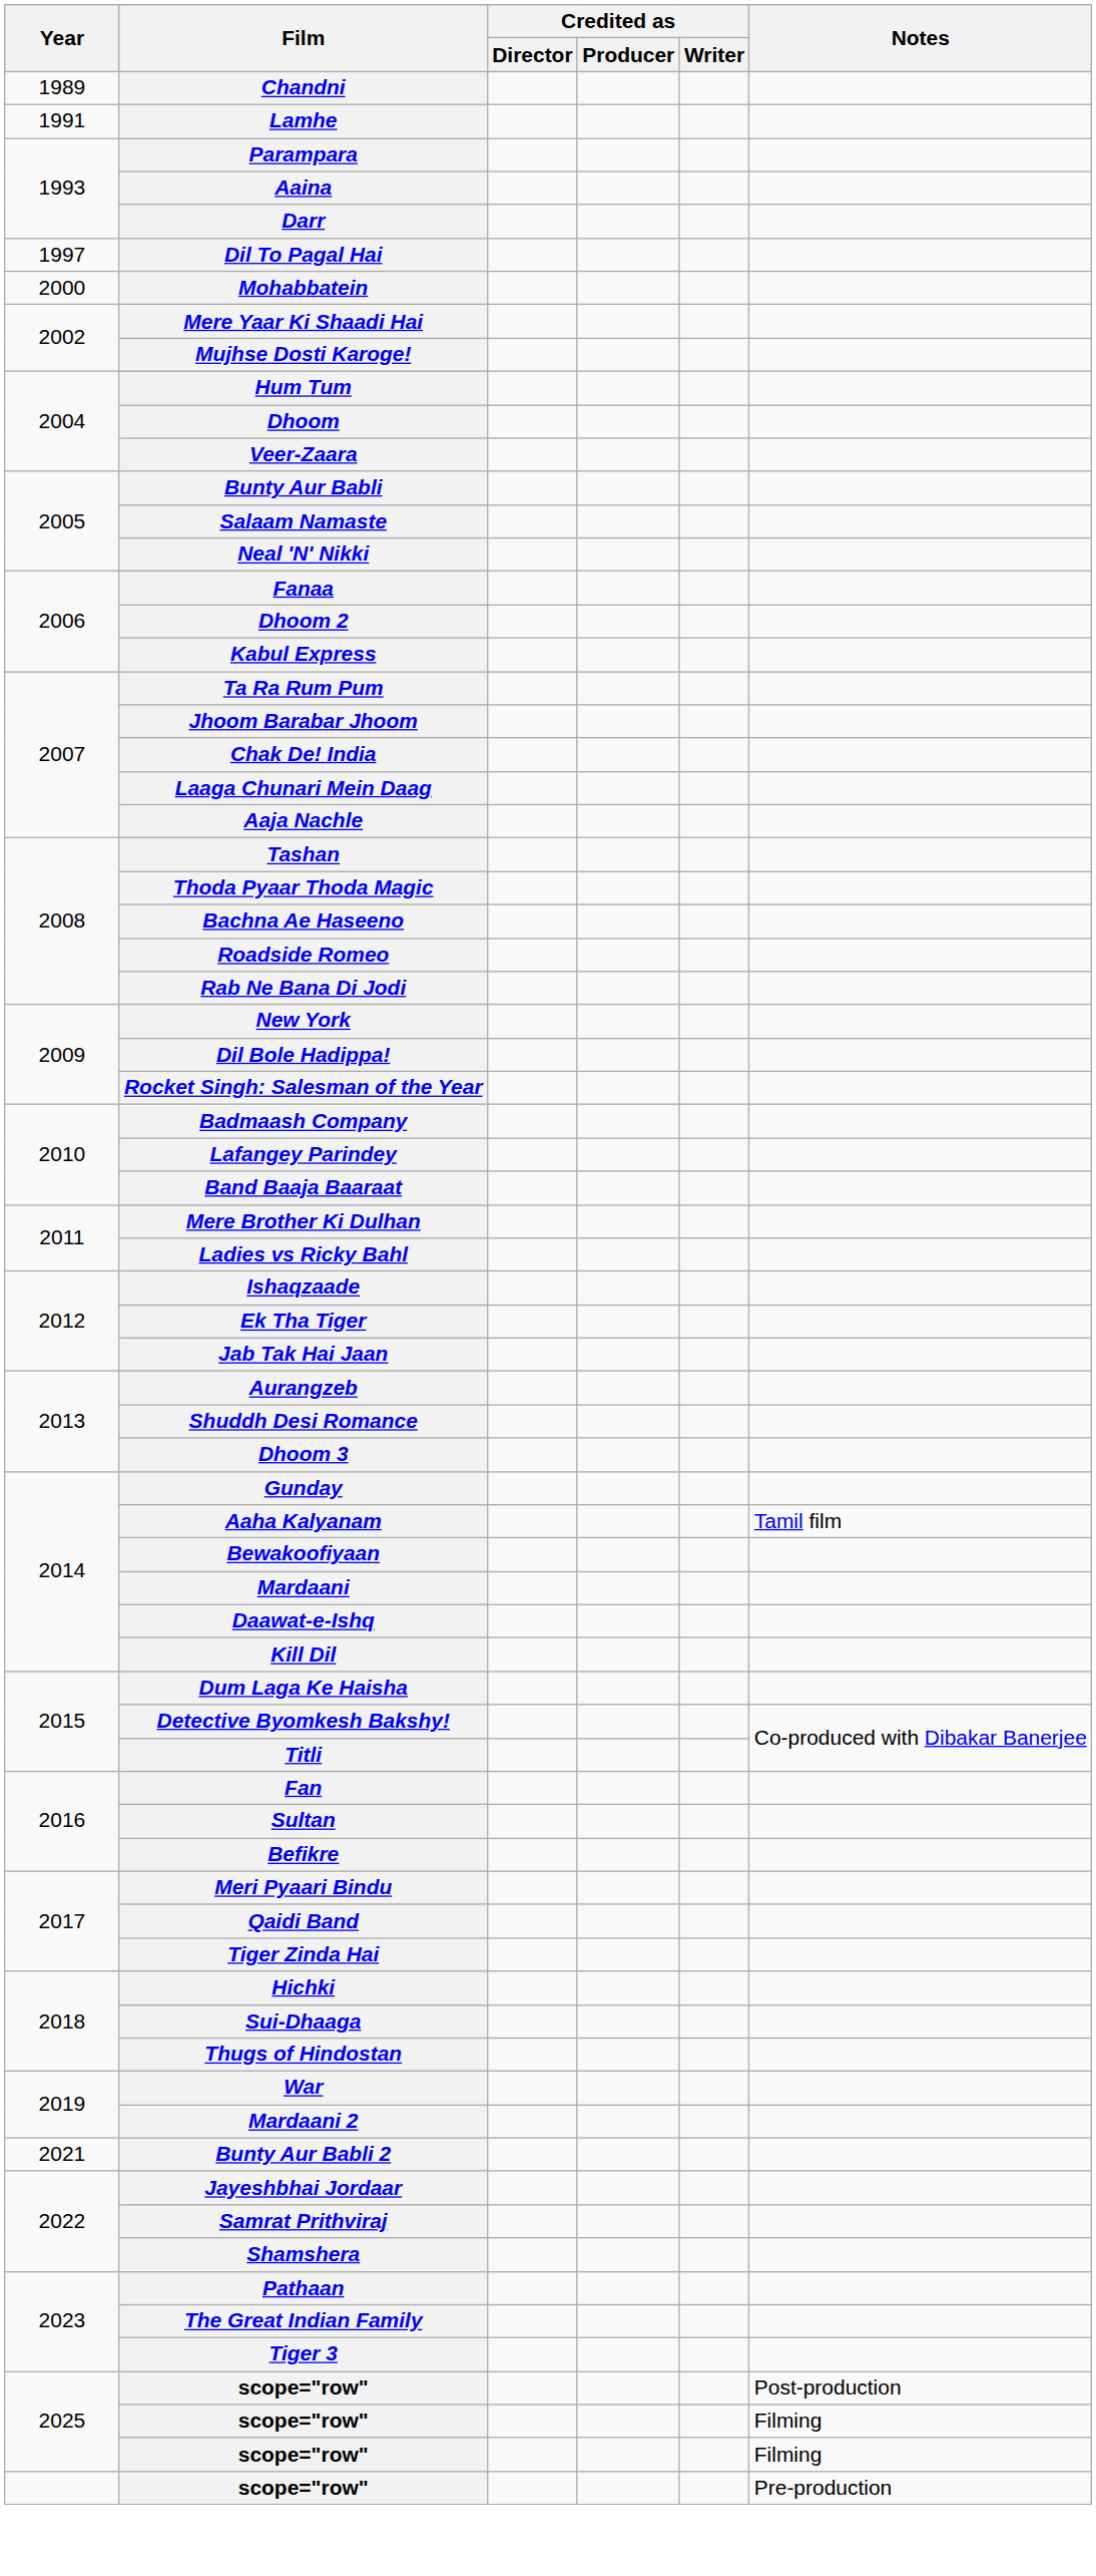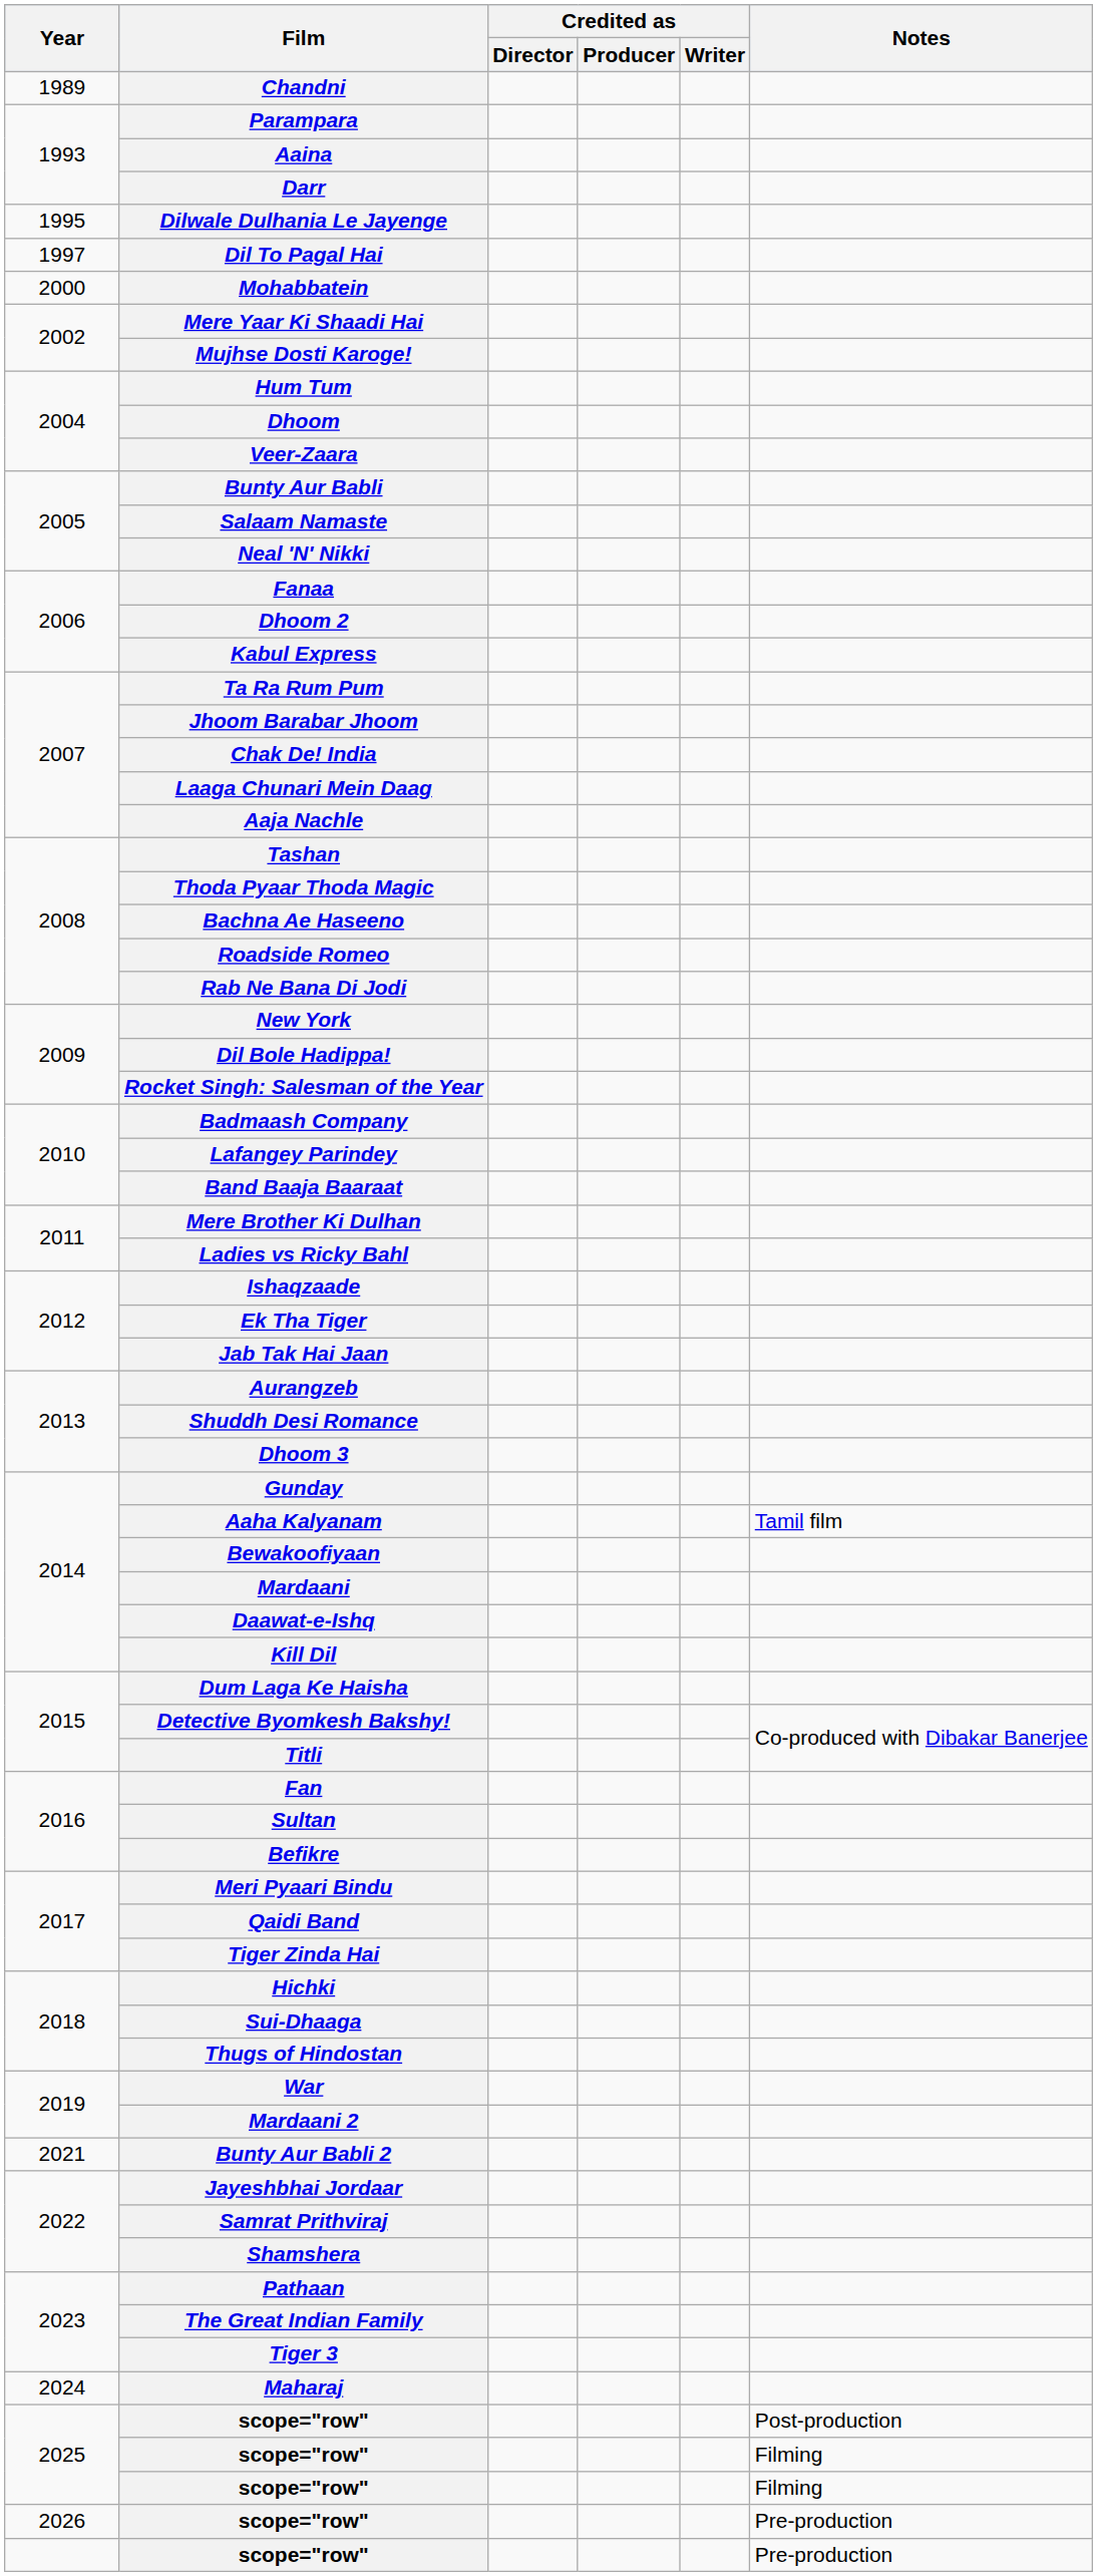 <table class="wikitable plainrowheaders sortable">
 <tr style="background:#b0c4de; text-align:center;">
 <th rowspan="2" style="width:80px;">Year</th>
 <th rowspan="2">Film</th>
 <th colspan="3">Credited as</th>
 <th rowspan="2">Notes</th>
 </tr>
 <tr style="background:#b0c4de; text-align:center;">
 <th>Director</th>
 <th>Producer</th>
 <th>Writer</th>
 </tr>
 <tr>
 <td style="text-align:center;">1989</td>
 <th scope="row"><em><a href='#'>Chandni</a></em></th>
-<td></td>
-<td></td>
-<td></td>
-<td></td>
-</tr>
-<tr>
-<td style="text-align:center;">1991</td>
-<th scope="row"><em><a href='#'>Lamhe</a></em></th>
 <td></td>
 <td></td>
 <td></td>
 <td></td>
 </tr>
 <tr>
 <td rowspan="3" style="text-align:center;">1993</td>
 <th scope="row"><em><a href='#'>Parampara</a></em></th>
 <td></td>
 <td></td>
 <td></td>
 <td></td>
 </tr>
 <tr>
 <th scope="row"><em><a href='#'>Aaina</a></em></th>
 <td></td>
 <td></td>
 <td></td>
 <td></td>
 </tr>
 <tr>
 <th scope="row"><em><a href='#'>Darr</a></em></th>
+<td></td>
+<td></td>
+<td></td>
+<td></td>
+</tr>
+<tr>
+<td style="text-align:center;">1995</td>
+<th scope="row"><em><a href='#'>Dilwale Dulhania Le Jayenge</a></em></th>
 <td></td>
 <td></td>
 <td></td>
 <td></td>
 </tr>
 <tr>
 <td style="text-align:center;">1997</td>
 <th scope="row"><em><a href='#'>Dil To Pagal Hai</a></em></th>
 <td></td>
 <td></td>
 <td></td>
 <td></td>
 </tr>
 <tr>
 <td style="text-align:center;">2000</td>
 <th scope="row"><em><a href='#'>Mohabbatein</a></em></th>
 <td></td>
 <td></td>
 <td></td>
 <td></td>
 </tr>
 <tr>
 <td rowspan="2" style="text-align:center;">2002</td>
 <th scope="row"><em><a href='#'>Mere Yaar Ki Shaadi Hai</a></em></th>
 <td></td>
 <td></td>
 <td></td>
 <td></td>
 </tr>
 <tr>
 <th scope="row"><em><a href='#'>Mujhse Dosti Karoge!</a></em></th>
 <td></td>
 <td></td>
 <td></td>
 <td></td>
 </tr>
 <tr>
 <td rowspan="3" style="text-align:center;">2004</td>
 <th scope="row"><em><a href='#'>Hum Tum</a></em></th>
 <td></td>
 <td></td>
 <td></td>
 <td></td>
 </tr>
 <tr>
 <th scope="row"><em><a href='#'>Dhoom</a></em></th>
 <td></td>
 <td></td>
 <td></td>
 <td></td>
 </tr>
 <tr>
 <th scope="row"><em><a href='#'>Veer-Zaara</a></em></th>
 <td></td>
 <td></td>
 <td></td>
 <td></td>
 </tr>
 <tr>
 <td rowspan="3" style="text-align:center;">2005</td>
 <th scope="row"><em><a href='#'>Bunty Aur Babli</a></em></th>
 <td></td>
 <td></td>
 <td></td>
 <td></td>
 </tr>
 <tr>
 <th scope="row"><em><a href='#'>Salaam Namaste</a></em></th>
 <td></td>
 <td></td>
 <td></td>
 <td></td>
 </tr>
 <tr>
 <th scope="row"><em><a href='#'>Neal 'N' Nikki</a></em></th>
 <td></td>
 <td></td>
 <td></td>
 <td></td>
 </tr>
 <tr>
 <td rowspan="3" style="text-align:center;">2006</td>
 <th scope="row"><em><a href='#'>Fanaa</a></em></th>
 <td></td>
 <td></td>
 <td></td>
 <td></td>
 </tr>
 <tr>
 <th scope="row"><em><a href='#'>Dhoom 2</a></em></th>
 <td></td>
 <td></td>
 <td></td>
 <td></td>
 </tr>
 <tr>
 <th scope="row"><em><a href='#'>Kabul Express</a></em></th>
 <td></td>
 <td></td>
 <td></td>
 <td></td>
 </tr>
 <tr>
 <td rowspan="5" style="text-align:center;">2007</td>
 <th scope="row"><em><a href='#'>Ta Ra Rum Pum</a></em></th>
 <td></td>
 <td></td>
 <td></td>
 <td></td>
 </tr>
 <tr>
 <th scope="row"><em><a href='#'>Jhoom Barabar Jhoom</a></em></th>
 <td></td>
 <td></td>
 <td></td>
 <td></td>
 </tr>
 <tr>
 <th scope="row"><em><a href='#'>Chak De! India</a></em></th>
 <td></td>
 <td></td>
 <td></td>
 <td></td>
 </tr>
 <tr>
 <th scope="row"><em><a href='#'>Laaga Chunari Mein Daag</a></em></th>
 <td></td>
 <td></td>
 <td></td>
 <td></td>
 </tr>
 <tr>
 <th scope="row"><em><a href='#'>Aaja Nachle</a></em></th>
 <td></td>
 <td></td>
 <td></td>
 <td></td>
 </tr>
 <tr>
 <td rowspan="5" style="text-align:center;">2008</td>
 <th scope="row"><em><a href='#'>Tashan</a></em></th>
 <td></td>
 <td></td>
 <td></td>
 <td></td>
 </tr>
 <tr>
 <th scope="row"><em><a href='#'>Thoda Pyaar Thoda Magic</a></em></th>
 <td></td>
 <td></td>
 <td></td>
 <td></td>
 </tr>
 <tr>
 <th scope="row"><em><a href='#'>Bachna Ae Haseeno</a></em></th>
 <td></td>
 <td></td>
 <td></td>
 <td></td>
 </tr>
 <tr>
 <th scope="row"><em><a href='#'>Roadside Romeo</a></em></th>
 <td></td>
 <td></td>
 <td></td>
 <td></td>
 </tr>
 <tr>
 <th scope="row"><em><a href='#'>Rab Ne Bana Di Jodi</a></em></th>
 <td></td>
 <td></td>
 <td></td>
 <td></td>
 </tr>
 <tr>
 <td rowspan="3" style="text-align:center;">2009</td>
 <th scope="row"><em><a href='#'>New York</a></em></th>
 <td></td>
 <td></td>
 <td></td>
 <td></td>
 </tr>
 <tr>
 <th scope="row"><em><a href='#'>Dil Bole Hadippa!</a></em></th>
 <td></td>
 <td></td>
 <td></td>
 <td></td>
 </tr>
 <tr>
 <th scope="row"><em><a href='#'>Rocket Singh: Salesman of the Year</a></em></th>
 <td></td>
 <td></td>
 <td></td>
 <td></td>
 </tr>
 <tr>
 <td rowspan="3" style="text-align:center;">2010</td>
 <th scope="row"><em><a href='#'>Badmaash Company</a></em></th>
 <td></td>
 <td></td>
 <td></td>
 <td></td>
 </tr>
 <tr>
 <th scope="row"><em><a href='#'>Lafangey Parindey</a></em></th>
 <td></td>
 <td></td>
 <td></td>
 <td></td>
 </tr>
 <tr>
 <th scope="row"><em><a href='#'>Band Baaja Baaraat</a></em></th>
 <td></td>
 <td></td>
 <td></td>
 <td></td>
 </tr>
 <tr>
 <td rowspan="2" style="text-align:center;">2011</td>
 <th scope="row"><em><a href='#'>Mere Brother Ki Dulhan</a></em></th>
 <td></td>
 <td></td>
 <td></td>
 <td></td>
 </tr>
 <tr>
 <th scope="row"><em><a href='#'>Ladies vs Ricky Bahl</a></em></th>
 <td></td>
 <td></td>
 <td></td>
 <td></td>
 </tr>
 <tr>
 <td rowspan="3" style="text-align:center;">2012</td>
 <th scope="row"><em><a href='#'>Ishaqzaade</a></em></th>
 <td></td>
 <td></td>
 <td></td>
 <td></td>
 </tr>
 <tr>
 <th scope="row"><em><a href='#'>Ek Tha Tiger</a></em></th>
 <td></td>
 <td></td>
 <td></td>
 <td></td>
 </tr>
 <tr>
 <th scope="row"><em><a href='#'>Jab Tak Hai Jaan</a></em></th>
 <td></td>
 <td></td>
 <td></td>
 <td></td>
 </tr>
 <tr>
 <td rowspan="3" style="text-align:center;">2013</td>
 <th scope="row"><em><a href='#'>Aurangzeb</a></em></th>
 <td></td>
 <td></td>
 <td></td>
 <td></td>
 </tr>
 <tr>
 <th scope="row"><em><a href='#'>Shuddh Desi Romance</a></em></th>
 <td></td>
 <td></td>
 <td></td>
 <td></td>
 </tr>
 <tr>
 <th scope="row"><em><a href='#'>Dhoom 3</a></em></th>
 <td></td>
 <td></td>
 <td></td>
 <td></td>
 </tr>
 <tr>
 <td rowspan="6" style="text-align:center;">2014</td>
 <th scope="row"><em><a href='#'>Gunday</a></em></th>
 <td></td>
 <td></td>
 <td></td>
 <td></td>
 </tr>
 <tr>
 <th scope="row"><em><a href='#'>Aaha Kalyanam</a></em></th>
 <td></td>
 <td></td>
 <td></td>
 <td><a href='#'>Tamil</a> film</td>
 </tr>
 <tr>
 <th scope="row"><em><a href='#'>Bewakoofiyaan</a></em></th>
 <td></td>
 <td></td>
 <td></td>
 <td></td>
 </tr>
 <tr>
 <th scope="row"><em><a href='#'>Mardaani</a></em></th>
 <td></td>
 <td></td>
 <td></td>
 <td></td>
 </tr>
 <tr>
 <th scope="row"><em><a href='#'>Daawat-e-Ishq</a></em></th>
 <td></td>
 <td></td>
 <td></td>
 <td></td>
 </tr>
 <tr>
 <th scope="row"><em><a href='#'>Kill Dil</a></em></th>
 <td></td>
 <td></td>
 <td></td>
 <td></td>
 </tr>
 <tr>
 <td rowspan="3" style="text-align:center;">2015</td>
 <th scope="row"><em><a href='#'>Dum Laga Ke Haisha</a></em></th>
 <td></td>
 <td></td>
 <td></td>
 </tr>
 <tr>
 <th scope="row"><em><a href='#'>Detective Byomkesh Bakshy!</a></em></th>
 <td></td>
 <td></td>
 <td></td>
 <td rowspan="2">Co-produced with <a href='#'>Dibakar Banerjee</a></td>
 </tr>
 <tr>
 <th scope="row"><em><a href='#'>Titli</a></em></th>
 <td></td>
 <td></td>
 <td></td>
 </tr>
 <tr>
 <td rowspan="3" style="text-align:center;">2016</td>
 <th scope="row"><em><a href='#'>Fan</a></em></th>
 <td></td>
 <td></td>
 <td></td>
 <td></td>
 </tr>
 <tr>
 <th scope="row"><em><a href='#'>Sultan</a></em></th>
 <td></td>
 <td></td>
 <td></td>
 <td></td>
 </tr>
 <tr>
 <th scope="row"><em><a href='#'>Befikre</a></em></th>
 <td></td>
 <td></td>
 <td></td>
 <td></td>
 </tr>
 <tr>
 <td rowspan="3" style="text-align:center;">2017</td>
 <th scope="row"><em><a href='#'>Meri Pyaari Bindu</a></em></th>
 <td></td>
 <td></td>
 <td></td>
 <td></td>
 </tr>
 <tr>
 <th scope="row"><em><a href='#'>Qaidi Band</a></em></th>
 <td></td>
 <td></td>
 <td></td>
 <td></td>
 </tr>
 <tr>
 <th scope="row"><em><a href='#'>Tiger Zinda Hai</a></em></th>
 <td></td>
 <td></td>
 <td></td>
 <td></td>
 </tr>
 <tr>
 <td rowspan="3" style="text-align:center;">2018</td>
 <th scope="row"><em><a href='#'>Hichki</a></em></th>
 <td></td>
 <td></td>
 <td></td>
 <td></td>
 </tr>
 <tr>
 <th scope="row"><em><a href='#'>Sui-Dhaaga</a></em></th>
 <td></td>
 <td></td>
 <td></td>
 <td></td>
 </tr>
 <tr>
 <th scope="row"><em><a href='#'>Thugs of Hindostan</a></em></th>
 <td></td>
 <td></td>
 <td></td>
 <td></td>
 </tr>
 <tr>
 <td rowspan="2" style="text-align:center;">2019</td>
 <th scope="row"><em><a href='#'>War</a></em></th>
 <td></td>
 <td></td>
 <td></td>
 <td></td>
 </tr>
 <tr>
 <th scope="row"><em><a href='#'>Mardaani 2</a></em></th>
 <td></td>
 <td></td>
 <td></td>
 <td></td>
 </tr>
 <tr>
 <td style="text-align:center;">2021</td>
 <th scope="row"><em><a href='#'>Bunty Aur Babli 2</a></em></th>
 <td></td>
 <td></td>
 <td></td>
 <td></td>
 </tr>
 <tr>
 <td rowspan="3" style="text-align:center;">2022</td>
 <th scope="row"><em><a href='#'>Jayeshbhai Jordaar</a></em></th>
 <td></td>
 <td></td>
 <td></td>
 <td></td>
 </tr>
 <tr>
 <th scope="row"><em><a href='#'>Samrat Prithviraj</a></em></th>
 <td></td>
 <td></td>
 <td></td>
 <td></td>
 </tr>
 <tr>
 <th scope="row"><em><a href='#'>Shamshera</a></em></th>
 <td></td>
 <td></td>
 <td></td>
 <td></td>
 </tr>
 <tr>
 <td rowspan="3" style="text-align:center;">2023</td>
 <th scope="row"><em><a href='#'>Pathaan</a></em></th>
 <td></td>
 <td></td>
 <td></td>
 <td></td>
 </tr>
 <tr>
 <th scope="row"><em><a href='#'>The Great Indian Family</a></em></th>
 <td></td>
 <td></td>
 <td></td>
 <td></td>
 </tr>
 <tr>
 <th scope="row"><em><a href='#'>Tiger 3</a></em></th>
 <td></td>
 <td></td>
 <td></td>
 <td></td>
 </tr>
 <tr>
+<td rowspan="1" style="text-align: center;">2024</td>
+<th scope="row"><em><a href='#'>Maharaj</a></em></th>
+<td></td>
+<td></td>
+<td></td>
+<td></td>
+</tr>
+<tr>
 <td rowspan="3" style="text-align:center;">2025</td>
 <th>scope="row" </th>
 <td></td>
 <td></td>
 <td></td>
 <td>Post-production</td>
 </tr>
 <tr>
 <th>scope="row" </th>
 <td></td>
 <td></td>
 <td></td>
 <td>Filming</td>
 </tr>
 <tr>
 <th>scope="row" </th>
 <td></td>
 <td></td>
 <td></td>
 <td>Filming</td>
 </tr>
 <tr>
+<td style="text-align:center;">2026</td>
+<th>scope="row" </th>
+<td></td>
+<td></td>
+<td></td>
+<td>Pre-production</td>
+</tr>
+<tr>
 <td></td>
 <th>scope="row" </th>
 <td></td>
 <td></td>
 <td></td>
 <td>Pre-production</td>
 </tr>
 </table>
